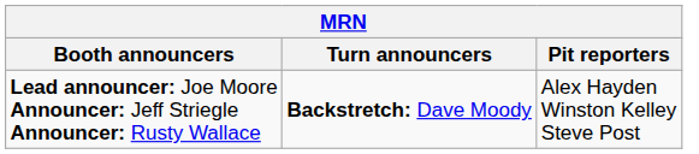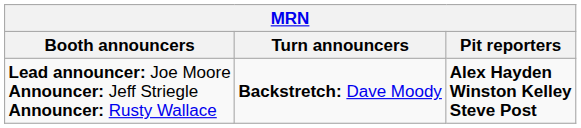 <table class="wikitable" style="font-size: 95%;">
 <tr>
 <th colspan="3"><a href='#'>MRN</a></th>
 </tr>
 <tr>
 <th>Booth announcers</th>
 <th>Turn announcers</th>
 <th>Pit reporters</th>
 </tr>
 <tr>
 <td><strong>Lead announcer:</strong> Joe Moore<br><strong>Announcer:</strong> Jeff Striegle<br><strong>Announcer:</strong> <a href='#'>Rusty Wallace</a></td>
 <td><strong>Backstretch:</strong> <a href='#'>Dave Moody</a></td>
-<td>Alex Hayden<br>Winston Kelley<br>Steve Post</td>
+<td><strong>Alex Hayden<br>Winston Kelley<br>Steve Post</strong></td>
 </tr>
 </table>
